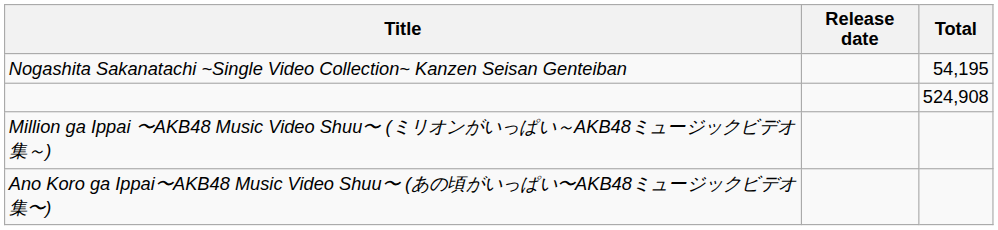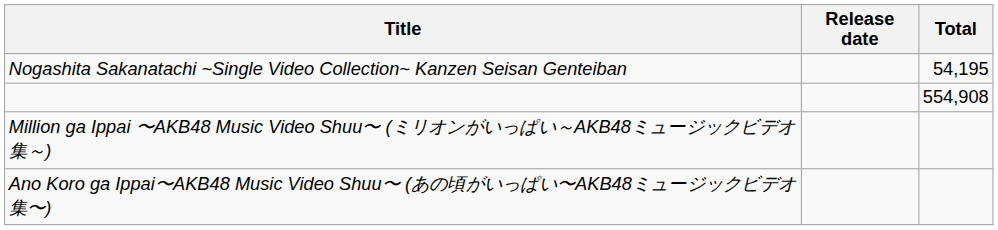 <table class="wikitable">
 <tr>
 <th>Title</th>
 <th>Release date</th>
 <th>Total</th>
 </tr>
 <tr>
 <td><em>Nogashita Sakanatachi ~Single Video Collection~ Kanzen Seisan Genteiban</em></td>
 <td style="text-align:right;"></td>
 <td style="text-align:right;">54,195</td>
 </tr>
 <tr>
 <td></td>
 <td style="text-align:right;"></td>
-<td style="text-align:right;">524,908</td>
+<td style="text-align:right;">554,908</td>
 </tr>
 <tr>
 <td><em>Million ga Ippai 〜AKB48 Music Video Shuu〜 (ミリオンがいっぱい～AKB48ミュージックビデオ集～)</em></td>
 <td style="text-align:right;"></td>
 <td></td>
 </tr>
 <tr>
 <td><em>Ano Koro ga Ippai〜AKB48 Music Video Shuu〜 (あの頃がいっぱい〜AKB48ミュージックビデオ集〜)</em></td>
 <td style="text-align:right;"></td>
 <td></td>
 </tr>
 </table>
